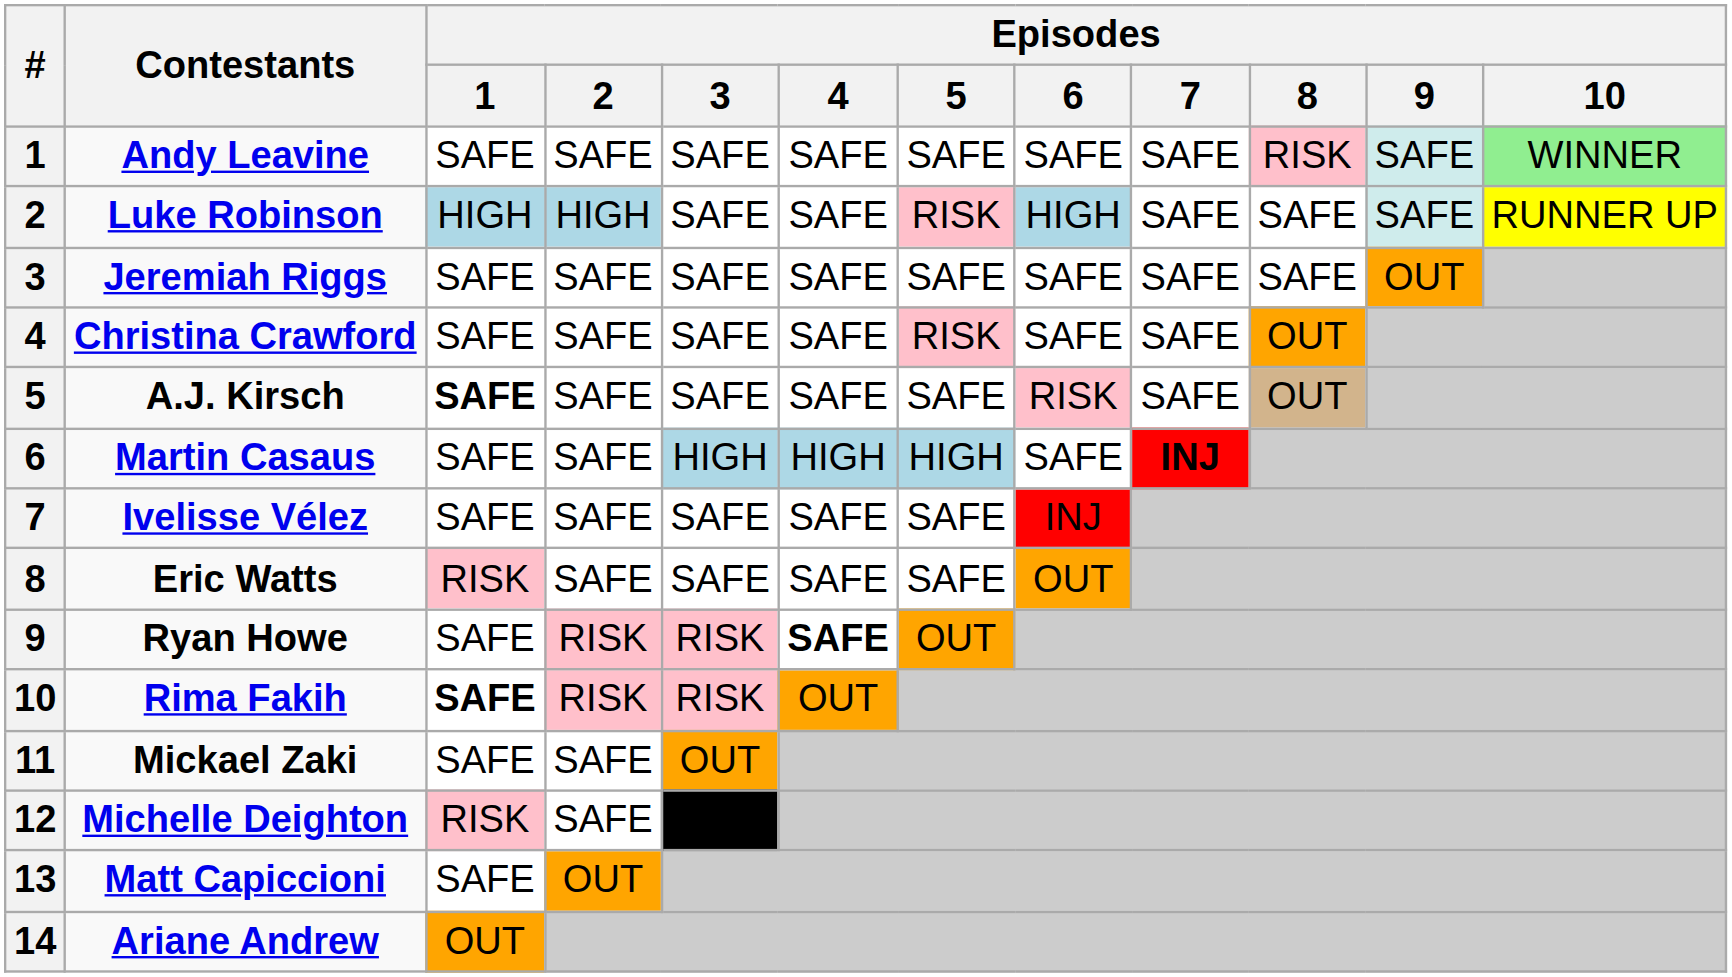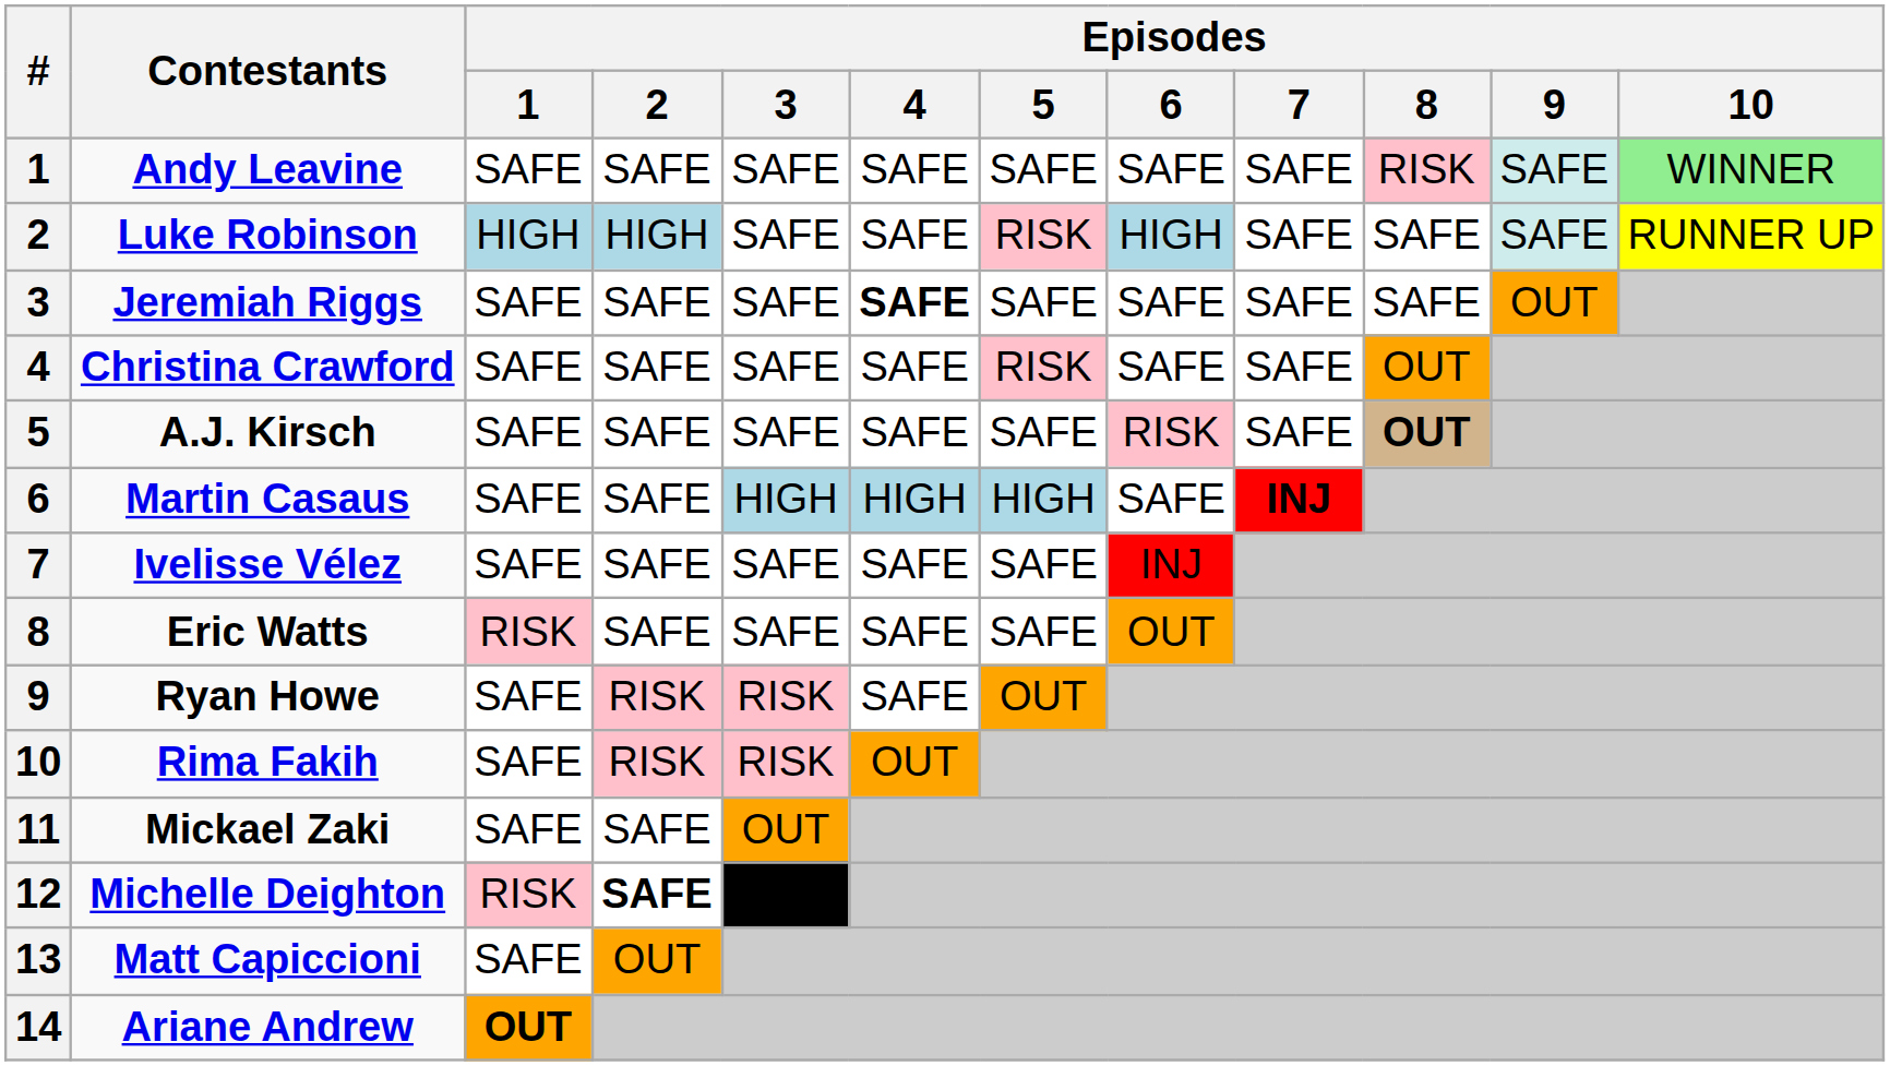 <table class="wikitable" style="text-align:center; background:white">
 <tr>
 <th rowspan=2>#</th>
 <th rowspan=2>Contestants</th>
 <th colspan=10>Episodes</th>
 </tr>
 <tr>
 <th>1</th>
 <th>2</th>
 <th>3</th>
 <th>4</th>
 <th>5</th>
 <th>6</th>
 <th>7</th>
 <th>8</th>
 <th>9</th>
 <th>10</th>
 </tr>
 <tr>
 <th>1</th>
 <td style="background:#f9f9f9;"><strong><a href='#'>Andy Leavine</a></strong></td>
 <td style="background:white;">SAFE</td>
 <td style="background:white;">SAFE</td>
 <td style="background:white;">SAFE</td>
 <td style="background:white;">SAFE</td>
 <td style="background:white;">SAFE</td>
 <td style="background:white;">SAFE</td>
 <td style="background:white;">SAFE</td>
 <td risk style="background:pink;">RISK</td>
 <td safe style="background:#cfecec;">SAFE</td>
 <td out style="background:lightgreen;">WINNER</td>
 </tr>
 <tr>
 <th>2</th>
 <td style="background:#f9f9f9;"><strong><a href='#'>Luke Robinson</a></strong></td>
 <td style="background:lightblue;">HIGH</td>
 <td style="background:lightblue;">HIGH</td>
 <td style="background:white;">SAFE</td>
 <td style="background:white;">SAFE</td>
 <td style="background:pink;">RISK</td>
 <td style="background:lightblue;">HIGH</td>
 <td style="background:white;">SAFE</td>
 <td style="background:white;">SAFE</td>
 <td style="background:#cfecec;">SAFE</td>
 <td style="background:yellow;">RUNNER UP</td>
 </tr>
 <tr>
 <th>3</th>
 <td style="background:#f9f9f9;"><strong><a href='#'>Jeremiah Riggs</a></strong></td>
 <td style="background:white;">SAFE</td>
 <td style="background:white;">SAFE</td>
 <td style="background:white;">SAFE</td>
-<td style="background:white;">SAFE</td>
+<td style="background:white;"><strong>SAFE</strong></td>
 <td style="background:white;">SAFE</td>
 <td style="background:white;">SAFE</td>
 <td style="background:white;">SAFE</td>
 <td style="background:white;">SAFE</td>
 <td style="background:orange;">OUT</td>
 <td style="background:#ccc;"></td>
 </tr>
 <tr>
 <th>4</th>
 <td style="background:#f9f9f9;"><strong><a href='#'>Christina Crawford</a></strong></td>
 <td style="background:white;">SAFE</td>
 <td style="background:white;">SAFE</td>
 <td style="background:white;">SAFE</td>
 <td style="background:white;">SAFE</td>
 <td style="background:pink;">RISK</td>
 <td style="background:white;">SAFE</td>
 <td style="background:white;">SAFE</td>
 <td style="background:orange;">OUT</td>
 <td style="background:#ccc;" colspan="2"></td>
 </tr>
 <tr>
 <th>5</th>
 <td style="background:#f9f9f9;"><strong>A.J. Kirsch</strong></td>
-<td style="background:white;"><strong>SAFE</strong></td>
+<td style="background:white;">SAFE</td>
 <td style="background:white;">SAFE</td>
 <td style="background:white;">SAFE</td>
 <td style="background:white;">SAFE</td>
 <td style="background:white;">SAFE</td>
 <td style="background:pink;">RISK</td>
 <td style="background:white;">SAFE</td>
-<td style="background:tan;">OUT</td>
+<td style="background:tan;"><strong>OUT</strong></td>
 <td style="background:#ccc;" colspan="2"></td>
 </tr>
 <tr>
 <th>6</th>
 <td style="background:#f9f9f9;"><strong><a href='#'>Martin Casaus</a></strong></td>
 <td style="background:white;">SAFE</td>
 <td style="background:white;">SAFE</td>
 <td style="background:lightblue;">HIGH</td>
 <td style="background:lightblue;">HIGH</td>
 <td style="background:lightblue;">HIGH</td>
 <td style="background:white;">SAFE</td>
 <td style="background:red;"><strong>INJ</strong></td>
 <td style="background:#ccc;" colspan="3"></td>
 </tr>
 <tr>
 <th>7</th>
 <td style="background:#f9f9f9;"><strong><a href='#'>Ivelisse Vélez</a></strong></td>
 <td style="background:white;">SAFE</td>
 <td style="background:white;">SAFE</td>
 <td style="background:white;">SAFE</td>
 <td style="background:white;">SAFE</td>
 <td style="background:white;">SAFE</td>
 <td style="background:red;">INJ</td>
 <td style="background:#ccc;" colspan="4"></td>
 </tr>
 <tr>
 <th>8</th>
 <td style="background:#f9f9f9;"><strong>Eric Watts</strong></td>
 <td style="background:pink;">RISK</td>
 <td style="background:white;">SAFE</td>
 <td style="background:white;">SAFE</td>
 <td style="background:white;">SAFE</td>
 <td style="background:white;">SAFE</td>
 <td style="background:orange;">OUT</td>
 <td style="background:#ccc;" colspan="4"></td>
 </tr>
 <tr>
 <th>9</th>
 <td style="background:#f9f9f9;"><strong>Ryan Howe</strong></td>
 <td style="background:white;">SAFE</td>
 <td style="background:pink;">RISK</td>
 <td style="background:pink;">RISK</td>
-<td style="background:white;"><strong>SAFE</strong></td>
+<td style="background:white;">SAFE</td>
 <td style="background:orange;">OUT</td>
 <td style="background:#ccc;" colspan="5"></td>
 </tr>
 <tr>
 <th>10</th>
 <td style="background:#f9f9f9;"><strong><a href='#'>Rima Fakih</a></strong></td>
-<td style="background:white;"><strong>SAFE</strong></td>
+<td style="background:white;">SAFE</td>
 <td style="background:pink;">RISK</td>
 <td style="background:pink;">RISK</td>
 <td style="background:orange;">OUT</td>
 <td style="background:#ccc;" colspan="6"></td>
 </tr>
 <tr>
 <th>11</th>
 <td style="background:#f9f9f9;"><strong>Mickael Zaki</strong></td>
 <td style="background:white;">SAFE</td>
 <td style="background:white;">SAFE</td>
 <td style="background:orange;">OUT</td>
 <td style="background:#ccc;" colspan="7"></td>
 </tr>
 <tr>
 <th>12</th>
 <td style="background:#f9f9f9;"><strong><a href='#'>Michelle Deighton</a></strong></td>
 <td style="background:pink;">RISK</td>
-<td style="background:white;">SAFE</td>
+<td style="background:white;"><strong>SAFE</strong></td>
 <td style="background:black;"><span>QUIT</span></td>
 <td style="background:#ccc;" colspan="7"></td>
 </tr>
 <tr>
 <th>13</th>
 <td style="background:#f9f9f9;"><strong><a href='#'>Matt Capiccioni</a></strong></td>
 <td style="background:white;">SAFE</td>
 <td style="background:orange;">OUT</td>
 <td style="background:#ccc;" colspan="8"></td>
 </tr>
 <tr>
 <th>14</th>
 <td style="background:#f9f9f9;"><strong><a href='#'>Ariane Andrew</a></strong></td>
-<td style="background:orange;">OUT</td>
+<td style="background:orange;"><strong>OUT</strong></td>
 <td style="background:#ccc;" colspan="9"></td>
 </tr>
 </table>
